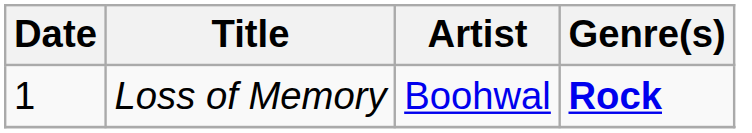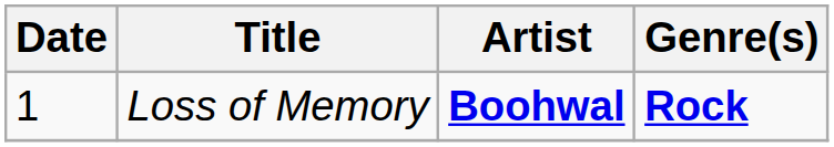 <table class="wikitable" style="text-align: left;">
 <tr>
 <th>Date</th>
 <th>Title</th>
 <th>Artist</th>
 <th>Genre(s)</th>
 </tr>
 <tr>
 <td>1</td>
 <td><em>Loss of Memory</em></td>
-<td><a href='#'>Boohwal</a></td>
+<td><strong><a href='#'>Boohwal</a></strong></td>
 <td><strong><a href='#'>Rock</a></strong></td>
 </tr>
 <tr>
 </tr>
 </table>
